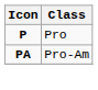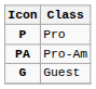 <table class="wikitable" style="font-size: 85%; display: inline-table">
 <tr>
 <th>Icon</th>
 <th>Class</th>
 </tr>
 <tr>
 <td align=center><strong><span>P</span></strong></td>
 <td>Pro</td>
 </tr>
 <tr>
 <td align=center><strong><span>PA</span></strong></td>
 <td>Pro-Am</td>
 </tr>
 <tr>
+<td align=center><strong><span>G</span></strong></td>
+<td>Guest</td>
+</tr>
+<tr>
 </tr>
 </table>
